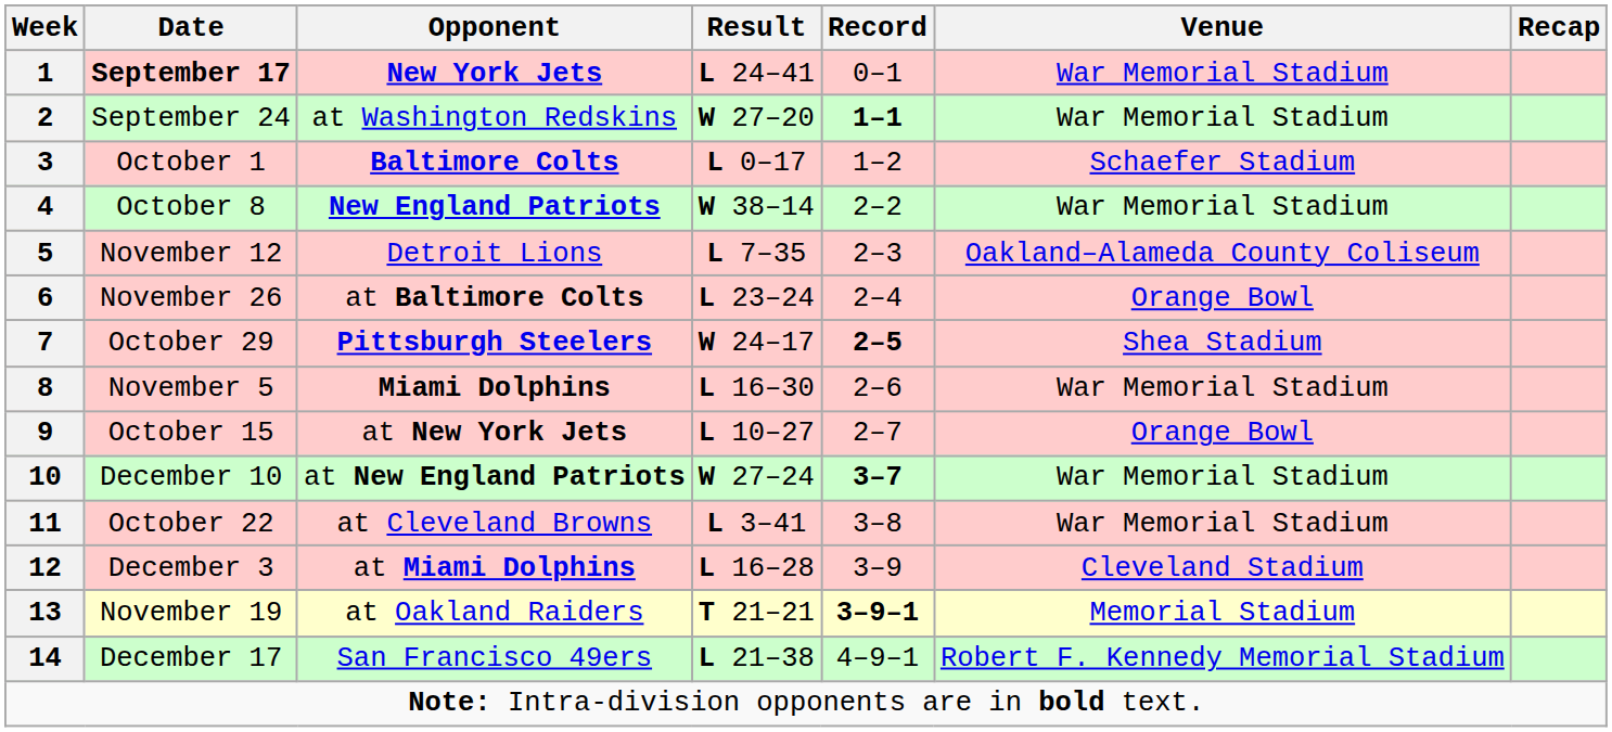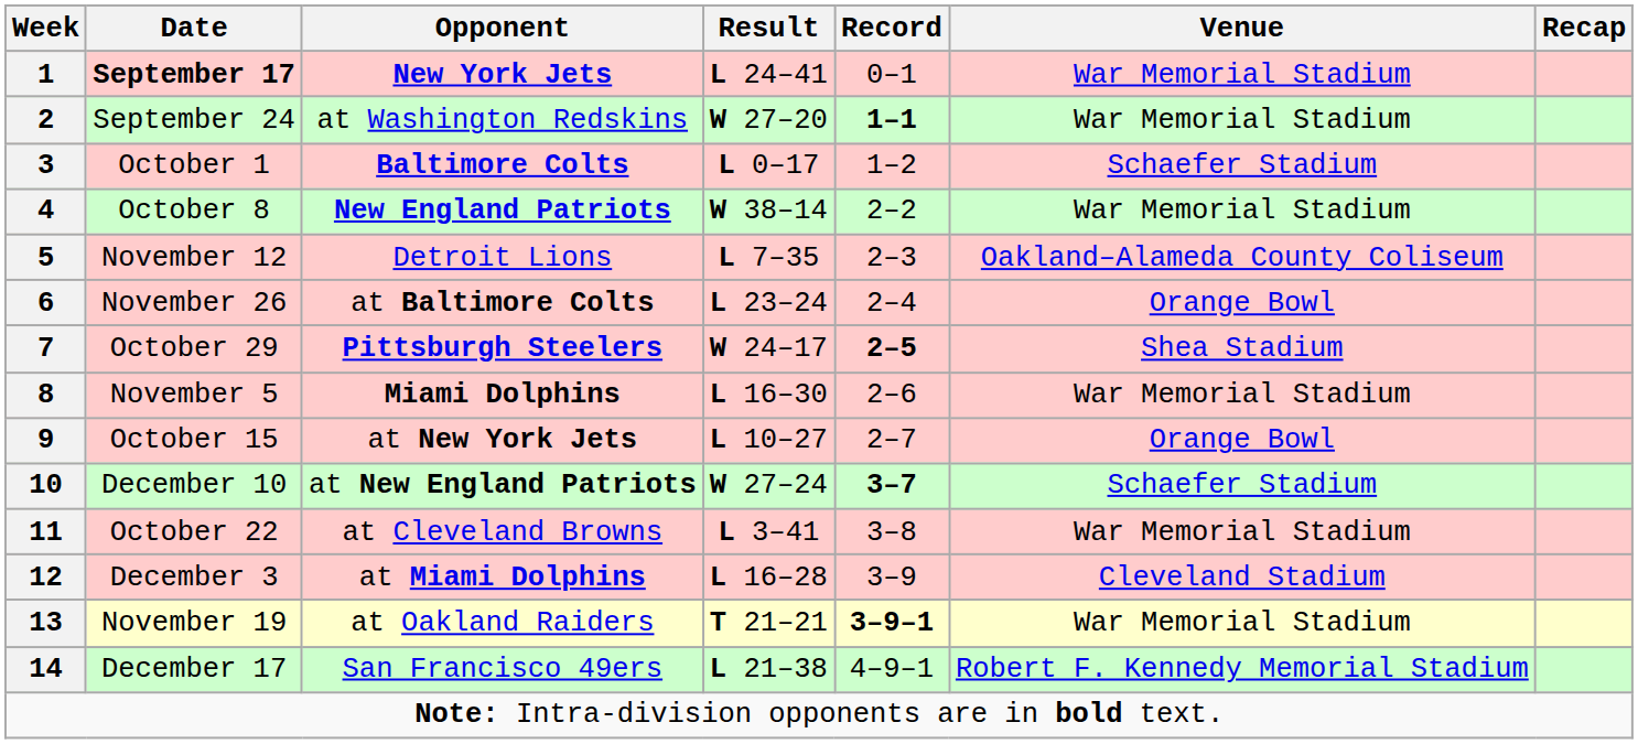 <table class="wikitable" style="text-align:center">
 <tr>
 <th>Week</th>
 <th>Date</th>
 <th>Opponent</th>
 <th>Result</th>
 <th>Record</th>
 <th>Venue</th>
 <th>Recap</th>
 </tr>
 <tr align="center" bgcolor="ffcccc">
 <th>1</th>
 <td><strong>September 17</strong></td>
 <td><strong><a href='#'>New York Jets</a></strong></td>
 <td><strong>L</strong> 24–41</td>
 <td>0–1</td>
 <td><a href='#'>War Memorial Stadium</a></td>
 <td></td>
 </tr>
 <tr align="center" bgcolor="ccffcc">
 <th>2</th>
 <td>September 24</td>
 <td>at <a href='#'>Washington Redskins</a></td>
 <td><strong>W</strong> 27–20</td>
 <td><strong>1–1</strong></td>
 <td>War Memorial Stadium</td>
 <td></td>
 </tr>
 <tr align="center" bgcolor="ffcccc">
 <th>3</th>
 <td>October 1</td>
 <td><strong><a href='#'>Baltimore Colts</a></strong></td>
 <td><strong>L</strong> 0–17</td>
 <td>1–2</td>
 <td><a href='#'>Schaefer Stadium</a></td>
 <td></td>
 </tr>
 <tr align="center" bgcolor="ccffcc">
 <th>4</th>
 <td>October 8</td>
 <td><strong><a href='#'>New England Patriots</a></strong></td>
 <td><strong>W</strong> 38–14</td>
 <td>2–2</td>
 <td>War Memorial Stadium</td>
 <td></td>
 </tr>
 <tr align="center" bgcolor="ffcccc">
 <th>5</th>
 <td>November 12</td>
 <td><a href='#'>Detroit Lions</a></td>
 <td><strong>L</strong> 7–35</td>
 <td>2–3</td>
 <td><a href='#'>Oakland–Alameda County Coliseum</a></td>
 <td></td>
 </tr>
 <tr align="center" bgcolor="ffcccc">
 <th>6</th>
 <td>November 26</td>
 <td>at <strong>Baltimore Colts</strong></td>
 <td><strong>L</strong> 23–24</td>
 <td>2–4</td>
 <td><a href='#'>Orange Bowl</a></td>
 <td></td>
 </tr>
 <tr align="center" bgcolor="ffcccc">
 <th>7</th>
 <td>October 29</td>
 <td><strong><a href='#'>Pittsburgh Steelers</a></strong></td>
 <td><strong>W</strong> 24–17</td>
 <td><strong>2–5</strong></td>
 <td><a href='#'>Shea Stadium</a></td>
 <td></td>
 </tr>
 <tr align="center" bgcolor="ffcccc">
 <th>8</th>
 <td>November 5</td>
 <td><strong>Miami Dolphins</strong></td>
 <td><strong>L</strong>  16–30</td>
 <td>2–6</td>
 <td>War Memorial Stadium</td>
 <td></td>
 </tr>
 <tr align="center" bgcolor="ffcccc">
 <th>9</th>
 <td>October 15</td>
 <td>at <strong>New York Jets</strong></td>
 <td><strong>L</strong> 10–27</td>
 <td>2–7</td>
 <td><a href='#'>Orange Bowl</a></td>
 <td></td>
 </tr>
 <tr align="center" bgcolor="ccffcc">
 <th>10</th>
 <td>December 10</td>
 <td>at <strong>New England Patriots</strong></td>
 <td><strong>W</strong> 27–24</td>
 <td><strong>3–7</strong></td>
-<td>War Memorial Stadium</td>
+<td><a href='#'>Schaefer Stadium</a></td>
 <td></td>
 </tr>
 <tr align="center" bgcolor="ffcccc">
 <th>11</th>
 <td>October 22</td>
 <td>at <a href='#'>Cleveland Browns</a></td>
 <td><strong>L</strong> 3–41</td>
 <td>3–8</td>
 <td>War Memorial Stadium</td>
 <td></td>
 </tr>
 <tr align="center" bgcolor="ffcccc">
 <th>12</th>
 <td>December 3</td>
 <td>at <strong><a href='#'>Miami Dolphins</a></strong></td>
 <td><strong>L</strong> 16–28</td>
 <td>3–9</td>
 <td><a href='#'>Cleveland Stadium</a></td>
 <td></td>
 </tr>
 <tr align="center" bgcolor="ffffcc">
 <th>13</th>
 <td>November 19</td>
 <td>at <a href='#'>Oakland Raiders</a></td>
 <td><strong>T</strong> 21–21</td>
 <td><strong>3–9–1</strong></td>
-<td><a href='#'>Memorial Stadium</a></td>
+<td>War Memorial Stadium</td>
 <td></td>
 </tr>
 <tr align="center" bgcolor="ccffcc">
 <th>14</th>
 <td>December 17</td>
 <td><a href='#'>San Francisco 49ers</a></td>
 <td><strong>L</strong> 21–38</td>
 <td>4–9–1</td>
 <td><a href='#'>Robert F. Kennedy Memorial Stadium</a></td>
 <td></td>
 </tr>
 <tr>
 <td colspan="8"><strong>Note:</strong> Intra-division opponents are in <strong>bold</strong> text.</td>
 </tr>
 </table>
